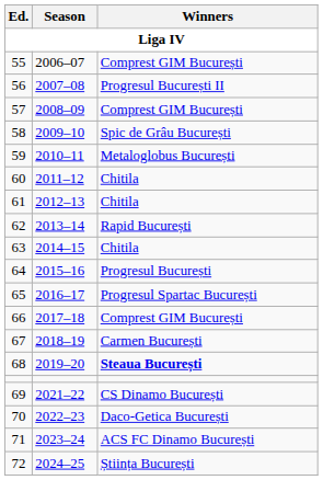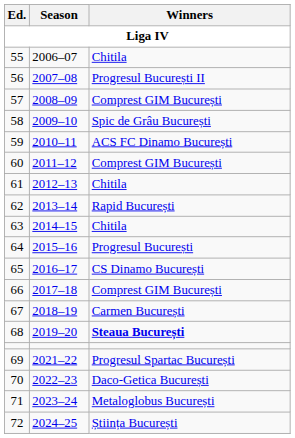 <table class="wikitable" style="font-size:90%">
 <tr>
 <th><abbr>Ed.</abbr></th>
 <th width="60">Season</th>
 <th width="220">Winners</th>
 </tr>
 <tr>
 <th colspan="3" style="background:#ffffff">Liga IV</th>
 </tr>
 <tr>
 <td align=center>55</td>
 <td>2006–07</td>
-<td><a href='#'>Comprest GIM București</a></td>
+<td><a href='#'>Chitila</a></td>
 </tr>
 <tr>
 <td align=center>56</td>
 <td><a href='#'>2007–08</a></td>
 <td><a href='#'>Progresul București II</a></td>
 </tr>
 <tr>
 <td align=center>57</td>
 <td><a href='#'>2008–09</a></td>
 <td><a href='#'>Comprest GIM București</a></td>
 </tr>
 <tr>
 <td align=center>58</td>
 <td><a href='#'>2009–10</a></td>
 <td><a href='#'>Spic de Grâu București</a></td>
 </tr>
 <tr>
 <td align=center>59</td>
 <td><a href='#'>2010–11</a></td>
-<td><a href='#'>Metaloglobus București</a></td>
+<td><a href='#'>ACS FC Dinamo București</a></td>
 </tr>
 <tr>
 <td align=center>60</td>
 <td><a href='#'>2011–12</a></td>
-<td><a href='#'>Chitila</a></td>
+<td><a href='#'>Comprest GIM București</a></td>
 </tr>
 <tr>
 <td align=center>61</td>
 <td><a href='#'>2012–13</a></td>
 <td><a href='#'>Chitila</a></td>
 </tr>
 <tr>
 <td align=center>62</td>
 <td><a href='#'>2013–14</a></td>
 <td><a href='#'>Rapid București</a></td>
 </tr>
 <tr>
 <td align=center>63</td>
 <td><a href='#'>2014–15</a></td>
 <td><a href='#'>Chitila</a></td>
 </tr>
 <tr>
 <td align=center>64</td>
 <td><a href='#'>2015–16</a></td>
 <td><a href='#'>Progresul București</a></td>
 </tr>
 <tr>
 <td align=center>65</td>
 <td><a href='#'>2016–17</a></td>
-<td><a href='#'>Progresul Spartac București</a></td>
+<td><a href='#'>CS Dinamo București</a></td>
 </tr>
 <tr>
 <td align=center>66</td>
 <td><a href='#'>2017–18</a></td>
 <td><a href='#'>Comprest GIM București</a></td>
 </tr>
 <tr>
 <td align=center>67</td>
 <td><a href='#'>2018–19</a></td>
 <td><a href='#'>Carmen București</a></td>
 </tr>
 <tr>
 <td align=center>68</td>
 <td><a href='#'>2019–20</a></td>
 <td><strong><a href='#'>Steaua București</a></strong></td>
 </tr>
 <tr>
 <td align=center></td>
 <td></td>
 <td></td>
 </tr>
 <tr>
 <td align=center>69</td>
 <td><a href='#'>2021–22</a></td>
-<td><a href='#'>CS Dinamo București</a></td>
+<td><a href='#'>Progresul Spartac București</a></td>
 </tr>
 <tr>
 <td align=center>70</td>
 <td><a href='#'>2022–23</a></td>
 <td><a href='#'>Daco-Getica București</a></td>
 </tr>
 <tr>
 <td align=center>71</td>
 <td><a href='#'>2023–24</a></td>
-<td><a href='#'>ACS FC Dinamo București</a></td>
+<td><a href='#'>Metaloglobus București</a></td>
 </tr>
 <tr>
 <td align=center>72</td>
 <td><a href='#'>2024–25</a></td>
 <td><a href='#'>Știința București</a></td>
 </tr>
 </table>
